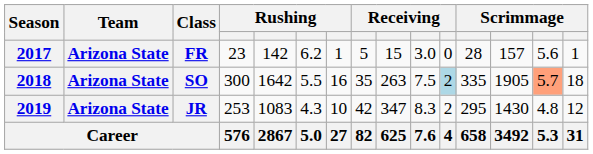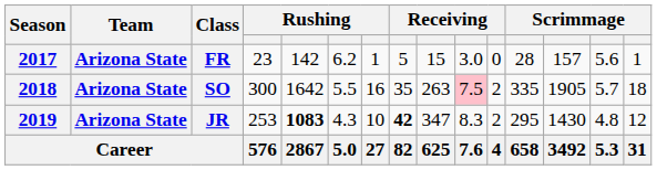 <table class="wikitable sortable" style="text-align:center;">
 <tr>
 <th rowspan="2">Season</th>
 <th rowspan="2">Team</th>
 <th rowspan="2">Class</th>
 <th colspan="4">Rushing</th>
 <th colspan="4">Receiving</th>
 <th colspan="4">Scrimmage</th>
 </tr>
 <tr>
 <th></th>
 <th></th>
 <th></th>
 <th></th>
 <th></th>
 <th></th>
 <th></th>
 <th></th>
 <th></th>
 <th></th>
 <th></th>
 <th></th>
 </tr>
 <tr>
 <th><a href='#'>2017</a></th>
 <th><a href='#'>Arizona State</a></th>
 <th><a href='#'>FR</a></th>
 <td>23</td>
 <td>142</td>
 <td>6.2</td>
 <td>1</td>
 <td>5</td>
 <td>15</td>
 <td>3.0</td>
 <td>0</td>
 <td>28</td>
 <td>157</td>
 <td>5.6</td>
 <td>1</td>
 </tr>
 <tr>
 <th><a href='#'>2018</a></th>
 <th><a href='#'>Arizona State</a></th>
 <th><a href='#'>SO</a></th>
 <td>300</td>
 <td>1642</td>
 <td>5.5</td>
 <td>16</td>
 <td>35</td>
 <td>263</td>
-<td>7.5</td>
-<td style="background: lightblue;">2</td>
+<td style="background: pink;">7.5</td>
+<td>2</td>
 <td>335</td>
 <td>1905</td>
-<td style="background: lightsalmon;">5.7</td>
+<td>5.7</td>
 <td>18</td>
 </tr>
 <tr>
 <th><a href='#'>2019</a></th>
 <th><a href='#'>Arizona State</a></th>
 <th><a href='#'>JR</a></th>
 <td>253</td>
-<td>1083</td>
+<td><strong>1083</strong></td>
 <td>4.3</td>
 <td>10</td>
-<td>42</td>
+<td><strong>42</strong></td>
 <td>347</td>
 <td>8.3</td>
 <td>2</td>
 <td>295</td>
 <td>1430</td>
 <td>4.8</td>
 <td>12</td>
 </tr>
 <tr>
 <th colspan="3">Career</th>
 <th>576</th>
 <th>2867</th>
 <th>5.0</th>
 <th>27</th>
 <th>82</th>
 <th>625</th>
 <th>7.6</th>
 <th>4</th>
 <th>658</th>
 <th>3492</th>
 <th>5.3</th>
 <th>31</th>
 </tr>
 </table>
